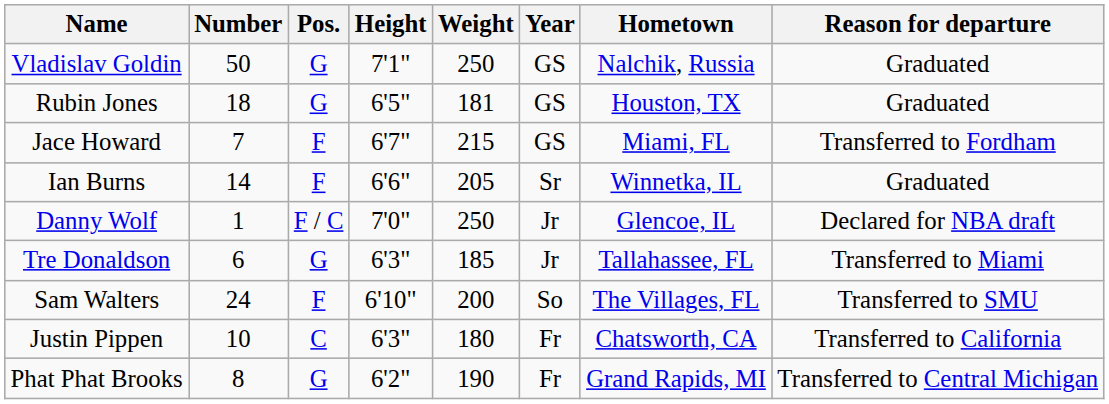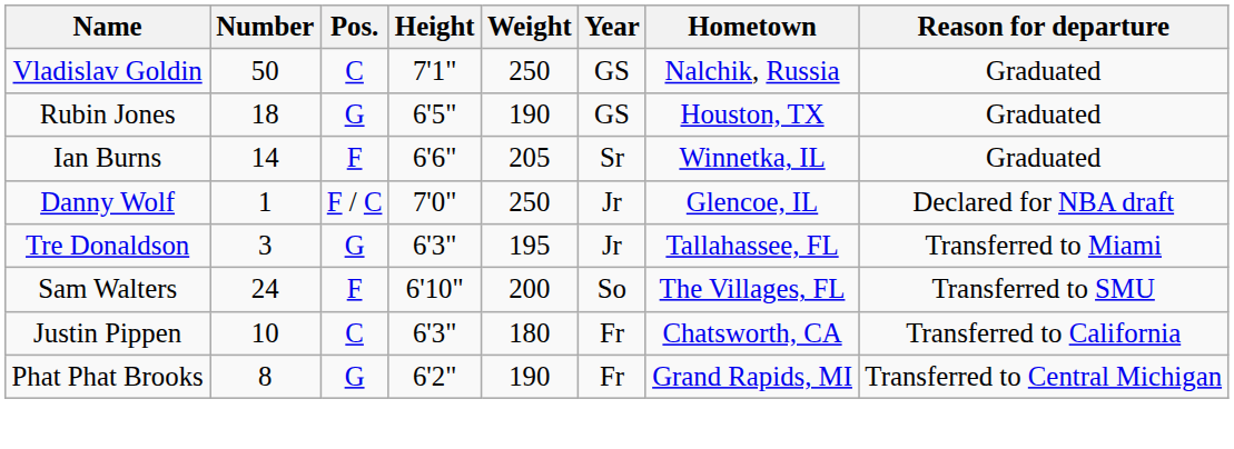 <table class="wikitable sortable sortable" style="text-align:center">
 <tr align=center>
 <th>Name</th>
 <th>Number</th>
 <th>Pos.</th>
 <th>Height</th>
 <th>Weight</th>
 <th>Year</th>
 <th>Hometown</th>
 <th class="unsortable">Reason for departure</th>
 </tr>
 <tr>
 <td><a href='#'>Vladislav Goldin</a></td>
 <td>50</td>
-<td><a href='#'>G</a></td>
+<td><a href='#'>C</a></td>
 <td>7'1"</td>
 <td>250</td>
 <td>GS</td>
 <td><a href='#'>Nalchik</a>, <a href='#'>Russia</a></td>
 <td>Graduated</td>
 </tr>
 <tr>
 <td>Rubin Jones</td>
 <td>18</td>
 <td><a href='#'>G</a></td>
 <td>6'5"</td>
-<td>181</td>
+<td>190</td>
 <td>GS</td>
 <td><a href='#'>Houston, TX</a></td>
 <td>Graduated</td>
-</tr>
-<tr>
-<td>Jace Howard</td>
-<td>7</td>
-<td><a href='#'>F</a></td>
-<td>6'7"</td>
-<td>215</td>
-<td>GS</td>
-<td><a href='#'>Miami, FL</a></td>
-<td>Transferred to <a href='#'>Fordham</a></td>
 </tr>
 <tr>
 <td>Ian Burns</td>
 <td>14</td>
 <td><a href='#'>F</a></td>
 <td>6'6"</td>
 <td>205</td>
 <td>Sr</td>
 <td><a href='#'>Winnetka, IL</a></td>
 <td>Graduated</td>
 </tr>
 <tr>
 <td><a href='#'>Danny Wolf</a></td>
 <td>1</td>
 <td><a href='#'>F</a> / <a href='#'>C</a></td>
 <td>7'0"</td>
 <td>250</td>
 <td>Jr</td>
 <td><a href='#'>Glencoe, IL</a></td>
 <td>Declared for <a href='#'>NBA draft</a></td>
 </tr>
 <tr>
 <td><a href='#'>Tre Donaldson</a></td>
-<td>6</td>
+<td>3</td>
 <td><a href='#'>G</a></td>
 <td>6'3"</td>
-<td>185</td>
+<td>195</td>
 <td>Jr</td>
 <td><a href='#'>Tallahassee, FL</a></td>
 <td>Transferred to <a href='#'>Miami</a></td>
 </tr>
 <tr>
 <td>Sam Walters</td>
 <td>24</td>
 <td><a href='#'>F</a></td>
 <td>6'10"</td>
 <td>200</td>
 <td>So</td>
 <td><a href='#'>The Villages, FL</a></td>
 <td>Transferred to <a href='#'>SMU</a></td>
 </tr>
 <tr>
 <td>Justin Pippen</td>
 <td>10</td>
 <td><a href='#'>C</a></td>
 <td>6'3"</td>
 <td>180</td>
 <td>Fr</td>
 <td><a href='#'>Chatsworth, CA</a></td>
 <td>Transferred to <a href='#'>California</a></td>
 </tr>
 <tr>
 <td>Phat Phat Brooks</td>
 <td>8</td>
 <td><a href='#'>G</a></td>
 <td>6'2"</td>
 <td>190</td>
 <td>Fr</td>
 <td><a href='#'>Grand Rapids, MI</a></td>
 <td>Transferred to <a href='#'>Central Michigan</a></td>
 </tr>
 </table>
